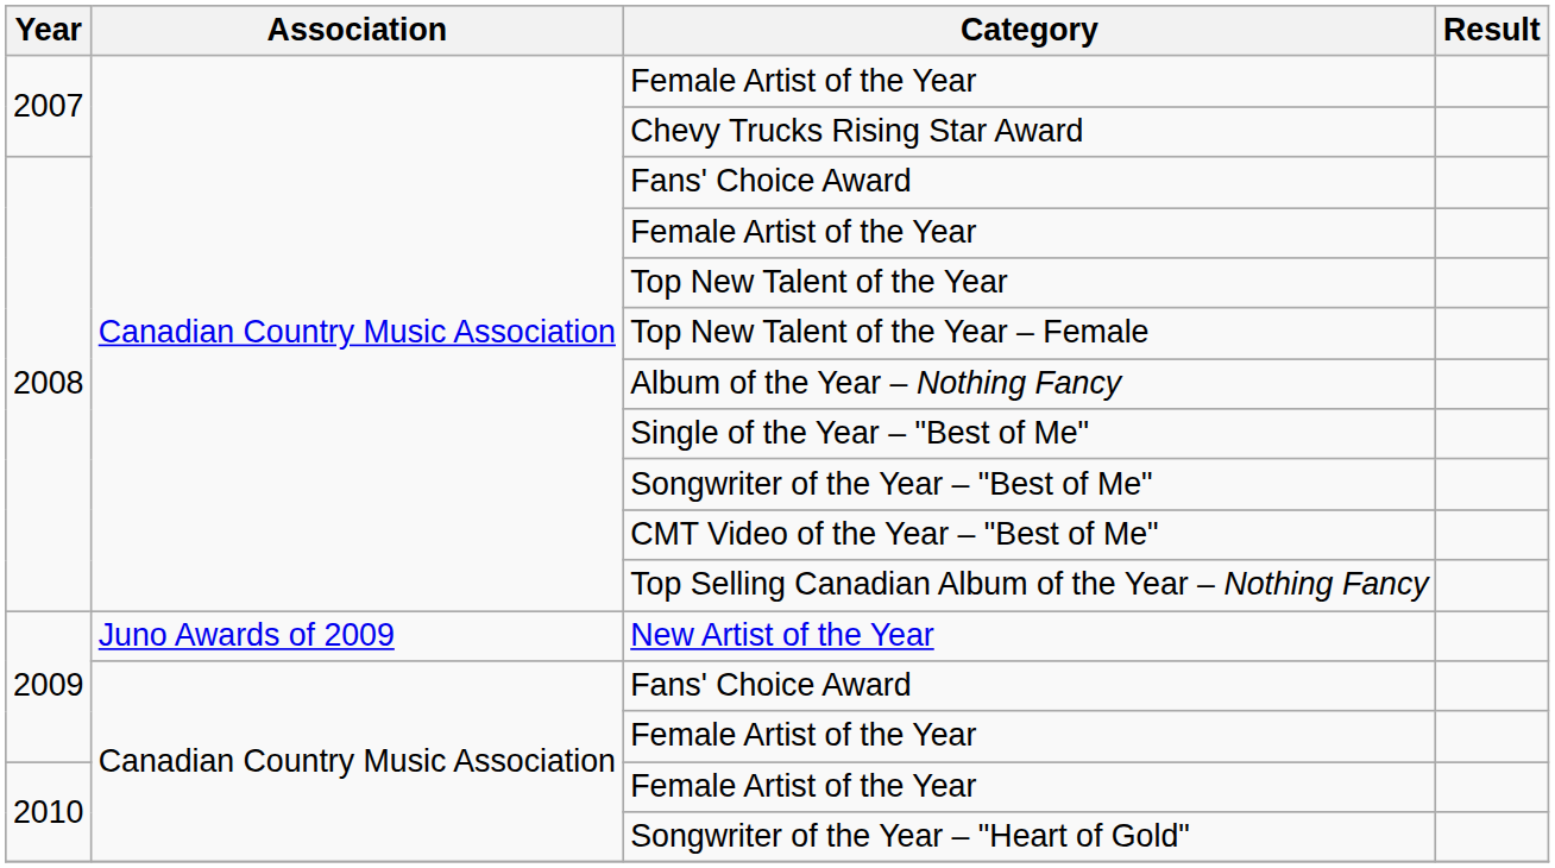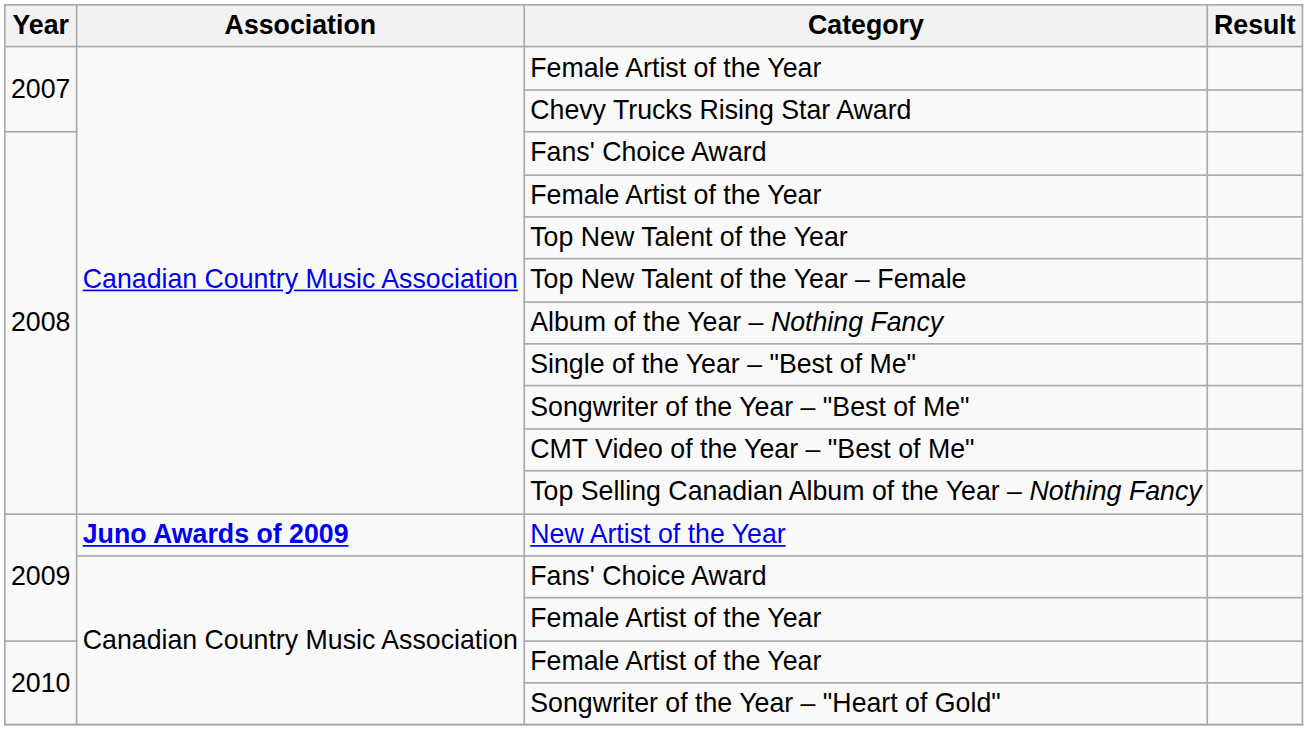 <table class="wikitable">
 <tr>
 <th>Year</th>
 <th>Association</th>
 <th>Category</th>
 <th>Result</th>
 </tr>
 <tr>
 <td rowspan="2">2007</td>
 <td rowspan="11"><a href='#'>Canadian Country Music Association</a></td>
 <td>Female Artist of the Year</td>
 <td></td>
 </tr>
 <tr>
 <td>Chevy Trucks Rising Star Award</td>
 <td></td>
 </tr>
 <tr>
 <td rowspan="9">2008</td>
 <td>Fans' Choice Award</td>
 <td></td>
 </tr>
 <tr>
 <td>Female Artist of the Year</td>
 <td></td>
 </tr>
 <tr>
 <td>Top New Talent of the Year</td>
 <td></td>
 </tr>
 <tr>
 <td>Top New Talent of the Year – Female</td>
 <td></td>
 </tr>
 <tr>
 <td>Album of the Year – <em>Nothing Fancy</em></td>
 <td></td>
 </tr>
 <tr>
 <td>Single of the Year – "Best of Me"</td>
 <td></td>
 </tr>
 <tr>
 <td>Songwriter of the Year – "Best of Me"</td>
 <td></td>
 </tr>
 <tr>
 <td>CMT Video of the Year – "Best of Me"</td>
 <td></td>
 </tr>
 <tr>
 <td>Top Selling Canadian Album of the Year – <em>Nothing Fancy</em></td>
 <td></td>
 </tr>
 <tr>
 <td rowspan="3">2009</td>
-<td><a href='#'>Juno Awards of 2009</a></td>
+<td><strong><a href='#'>Juno Awards of 2009</a></strong></td>
 <td><a href='#'>New Artist of the Year</a></td>
 <td></td>
 </tr>
 <tr>
 <td rowspan="4">Canadian Country Music Association</td>
 <td>Fans' Choice Award</td>
 <td></td>
 </tr>
 <tr>
 <td>Female Artist of the Year</td>
 <td></td>
 </tr>
 <tr>
 <td rowspan="2">2010</td>
 <td>Female Artist of the Year</td>
 <td></td>
 </tr>
 <tr>
 <td>Songwriter of the Year – "Heart of Gold"</td>
 <td></td>
 </tr>
 <tr>
 </tr>
 </table>
